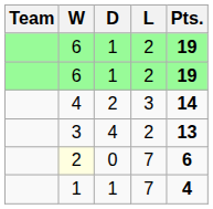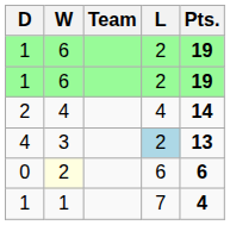 <table class="wikitable" align="center"|>
 <tr>
+<th width=25px>D</th>
+<th width=25px>W</th>
 <th>Team</th>
-<th width=25px>W</th>
-<th width=25px>D</th>
 <th width=25px>L</th>
 <th width=25px>Pts.</th>
 </tr>
 <tr align="center" bgcolor="#98fb98">
+<td>1</td>
+<td>6</td>
 <td align="left"></td>
-<td>6</td>
-<td>1</td>
 <td>2</td>
 <td><strong>19</strong></td>
 </tr>
 <tr align="center" bgcolor="#98fb98">
+<td>1</td>
+<td>6</td>
 <td align="left"></td>
-<td>6</td>
-<td>1</td>
 <td>2</td>
 <td><strong>19</strong></td>
 </tr>
 <tr align="center">
+<td>2</td>
+<td>4</td>
 <td align="left"></td>
 <td>4</td>
-<td>2</td>
-<td>3</td>
 <td><strong>14</strong></td>
 </tr>
 <tr align="center">
+<td>4</td>
+<td>3</td>
 <td align="left"></td>
-<td>3</td>
-<td>4</td>
-<td>2</td>
+<td style="background: lightblue;">2</td>
 <td><strong>13</strong></td>
 </tr>
 <tr align="center">
+<td>0</td>
+<td style="background: lightyellow;">2</td>
 <td align="left"></td>
-<td style="background: lightyellow;">2</td>
-<td>0</td>
-<td>7</td>
+<td>6</td>
 <td><strong>6</strong></td>
 </tr>
 <tr align="center">
-<td align="left"></td>
 <td>1</td>
 <td>1</td>
+<td align="left"></td>
 <td>7</td>
 <td><strong>4</strong></td>
 </tr>
 </table>
